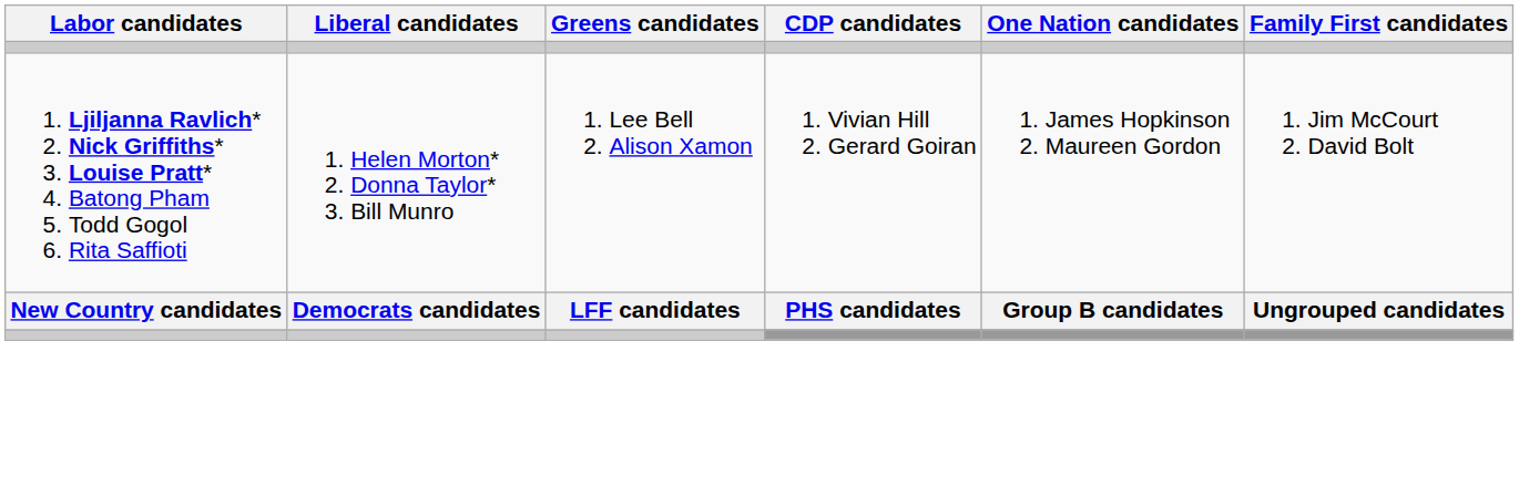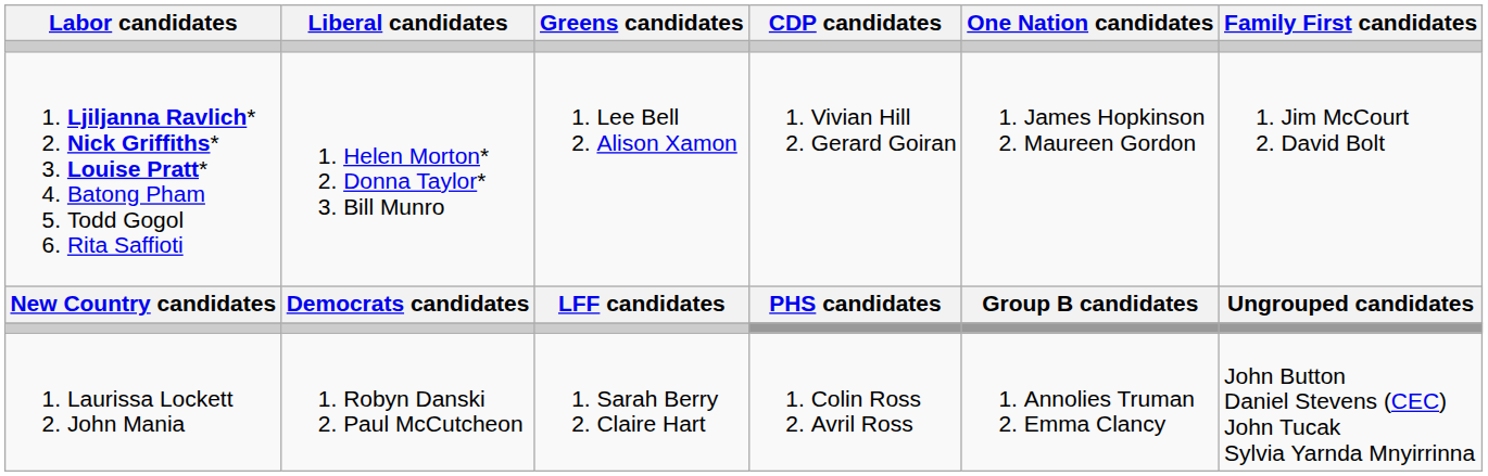 <table class="wikitable">
 <tr>
 <th><a href='#'>Labor</a> candidates</th>
 <th><a href='#'>Liberal</a> candidates</th>
 <th><a href='#'>Greens</a> candidates</th>
 <th><a href='#'>CDP</a> candidates</th>
 <th><a href='#'>One Nation</a> candidates</th>
 <th><a href='#'>Family First</a> candidates</th>
 </tr>
 <tr bgcolor="#cccccc">
 <td></td>
 <td></td>
 <td></td>
 <td></td>
 <td></td>
 <td></td>
 </tr>
 <tr>
 <td><br><ol><li><strong><a href='#'>Ljiljanna Ravlich</a></strong>*</li><li><strong><a href='#'>Nick Griffiths</a></strong>*</li><li><strong><a href='#'>Louise Pratt</a></strong>*</li><li><a href='#'>Batong Pham</a></li><li>Todd Gogol</li><li><a href='#'>Rita Saffioti</a></li></ol></td>
 <td><br><ol><li><a href='#'>Helen Morton</a>*</li><li><a href='#'>Donna Taylor</a>*</li><li>Bill Munro</li></ol></td>
 <td valign=top><br><ol><li>Lee Bell</li><li><a href='#'>Alison Xamon</a></li></ol></td>
 <td valign=top><br><ol><li>Vivian Hill</li><li>Gerard Goiran</li></ol></td>
 <td valign=top><br><ol><li>James Hopkinson</li><li>Maureen Gordon</li></ol></td>
 <td valign=top><br><ol><li>Jim McCourt</li><li>David Bolt</li></ol></td>
 </tr>
 <tr bgcolor="#cccccc">
 <th><a href='#'>New Country</a> candidates</th>
 <th><a href='#'>Democrats</a> candidates</th>
 <th><a href='#'>LFF</a> candidates</th>
 <th><a href='#'>PHS</a> candidates</th>
 <th>Group B candidates</th>
 <th>Ungrouped candidates</th>
 </tr>
 <tr bgcolor="#cccccc">
 <td></td>
 <td></td>
 <td></td>
 <td bgcolor="#999999"></td>
 <td bgcolor="#999999"></td>
 <td bgcolor="#999999"></td>
 </tr>
+<tr>
+<td valign=top><br><ol><li>Laurissa Lockett</li><li>John Mania</li></ol></td>
+<td valign=top><br><ol><li>Robyn Danski</li><li>Paul McCutcheon</li></ol></td>
+<td valign=top><br><ol><li>Sarah Berry</li><li>Claire Hart</li></ol></td>
+<td valign=top><br><ol><li>Colin Ross</li><li>Avril Ross</li></ol></td>
+<td valign=top><br><ol><li>Annolies Truman</li><li>Emma Clancy</li></ol></td>
+<td valign=top><br>John Button<br> Daniel Stevens (<a href='#'>CEC</a>)<br> John Tucak<br> Sylvia Yarnda Mnyirrinna</td>
+</tr>
 </table>
